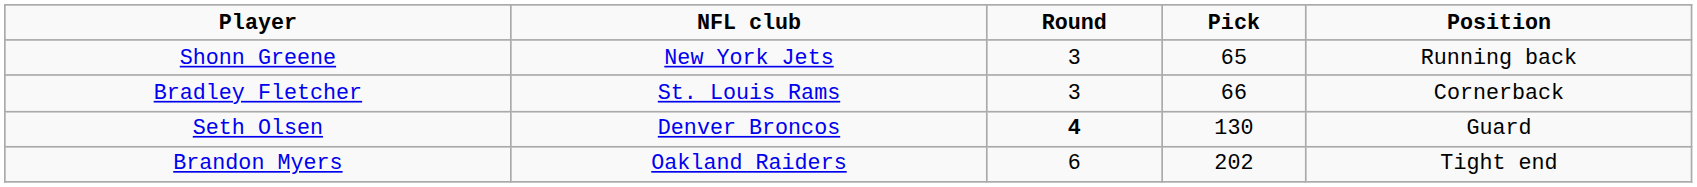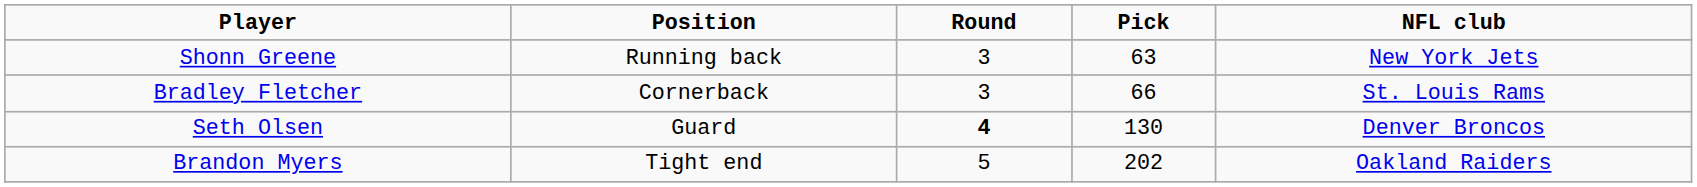 <table class="wikitable" width="80%">
 <tr align="center">
 <td><strong>Player</strong></td>
-<td><strong>NFL club</strong></td>
+<td><strong>Position</strong></td>
 <td><strong>Round</strong></td>
 <td><strong>Pick</strong></td>
-<td><strong>Position</strong></td>
+<td><strong>NFL club</strong></td>
 </tr>
 <tr style="text-align:center;" bgcolor="">
 <td><a href='#'>Shonn Greene</a></td>
+<td>Running back</td>
+<td>3</td>
+<td>63</td>
 <td><a href='#'>New York Jets</a></td>
-<td>3</td>
-<td>65</td>
-<td>Running back</td>
 </tr>
 <tr style="text-align:center;" bgcolor="">
 <td><a href='#'>Bradley Fletcher</a></td>
-<td><a href='#'>St. Louis Rams</a></td>
+<td>Cornerback</td>
 <td>3</td>
 <td>66</td>
-<td>Cornerback</td>
+<td><a href='#'>St. Louis Rams</a></td>
 </tr>
 <tr style="text-align:center;" bgcolor="">
 <td><a href='#'>Seth Olsen</a></td>
-<td><a href='#'>Denver Broncos</a></td>
+<td>Guard</td>
 <td><strong>4</strong></td>
 <td>130</td>
-<td>Guard</td>
+<td><a href='#'>Denver Broncos</a></td>
 </tr>
 <tr style="text-align:center;" bgcolor="">
 <td><a href='#'>Brandon Myers</a></td>
+<td>Tight end</td>
+<td>5</td>
+<td>202</td>
 <td><a href='#'>Oakland Raiders</a></td>
-<td>6</td>
-<td>202</td>
-<td>Tight end</td>
 </tr>
 </table>
